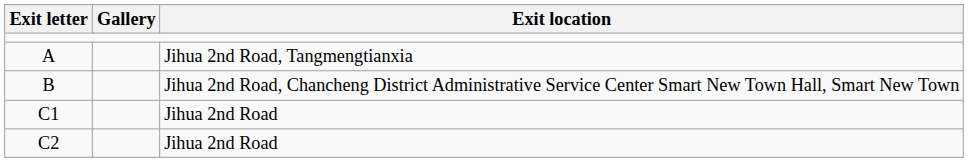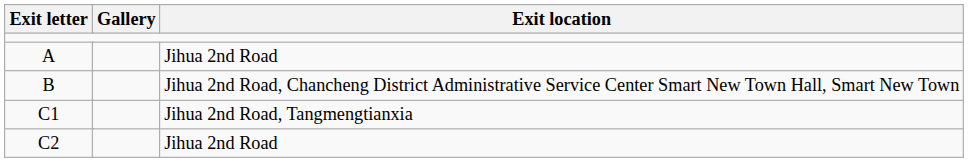 <table class="wikitable">
 <tr>
 <th colspan=2 style="width:70px">Exit letter</th>
 <th>Gallery</th>
 <th>Exit location</th>
 </tr>
 <tr style="background:#">
 <td colspan="4"></td>
 </tr>
 <tr>
 <td colspan=2 align=center>A</td>
 <td></td>
-<td>Jihua 2nd Road, Tangmengtianxia</td>
+<td>Jihua 2nd Road</td>
 </tr>
 <tr>
 <td colspan=2 align=center>B</td>
 <td></td>
 <td>Jihua 2nd Road, Chancheng District Administrative Service Center Smart New Town Hall, Smart New Town</td>
 </tr>
 <tr>
 <td colspan=2 align=center>C1</td>
 <td></td>
-<td>Jihua 2nd Road</td>
+<td>Jihua 2nd Road, Tangmengtianxia</td>
 </tr>
 <tr>
 <td colspan=2 align=center>C2</td>
 <td></td>
 <td>Jihua 2nd Road</td>
 </tr>
 </table>
